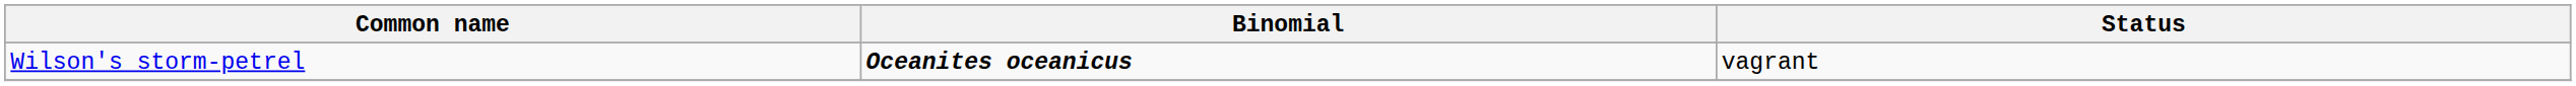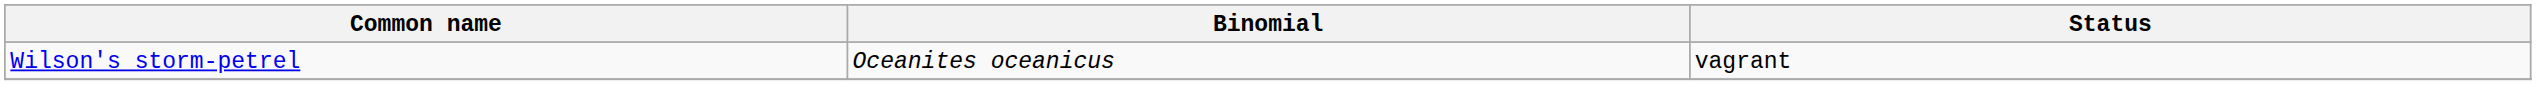 <table width=72% class="wikitable">
 <tr>
 <th width=24%>Common name</th>
 <th width=24%>Binomial</th>
 <th width=24%>Status</th>
 </tr>
 <tr>
 <td><a href='#'>Wilson's storm-petrel</a></td>
-<td><strong><em>Oceanites oceanicus</em></strong></td>
+<td><em>Oceanites oceanicus</em></td>
 <td>vagrant</td>
 </tr>
 <tr>
 </tr>
 </table>
